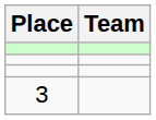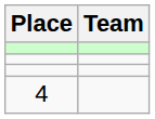 <table class="wikitable">
 <tr>
 <th>Place</th>
 <th>Team</th>
 </tr>
 <tr bgcolor=#ccffcc>
 <td align=center></td>
 <td></td>
 </tr>
 <tr>
 <td align=center></td>
 <td></td>
 </tr>
 <tr>
 <td align=center></td>
 <td></td>
 </tr>
 <tr>
-<td align=center>3</td>
+<td align=center>4</td>
 <td></td>
 </tr>
 </table>
